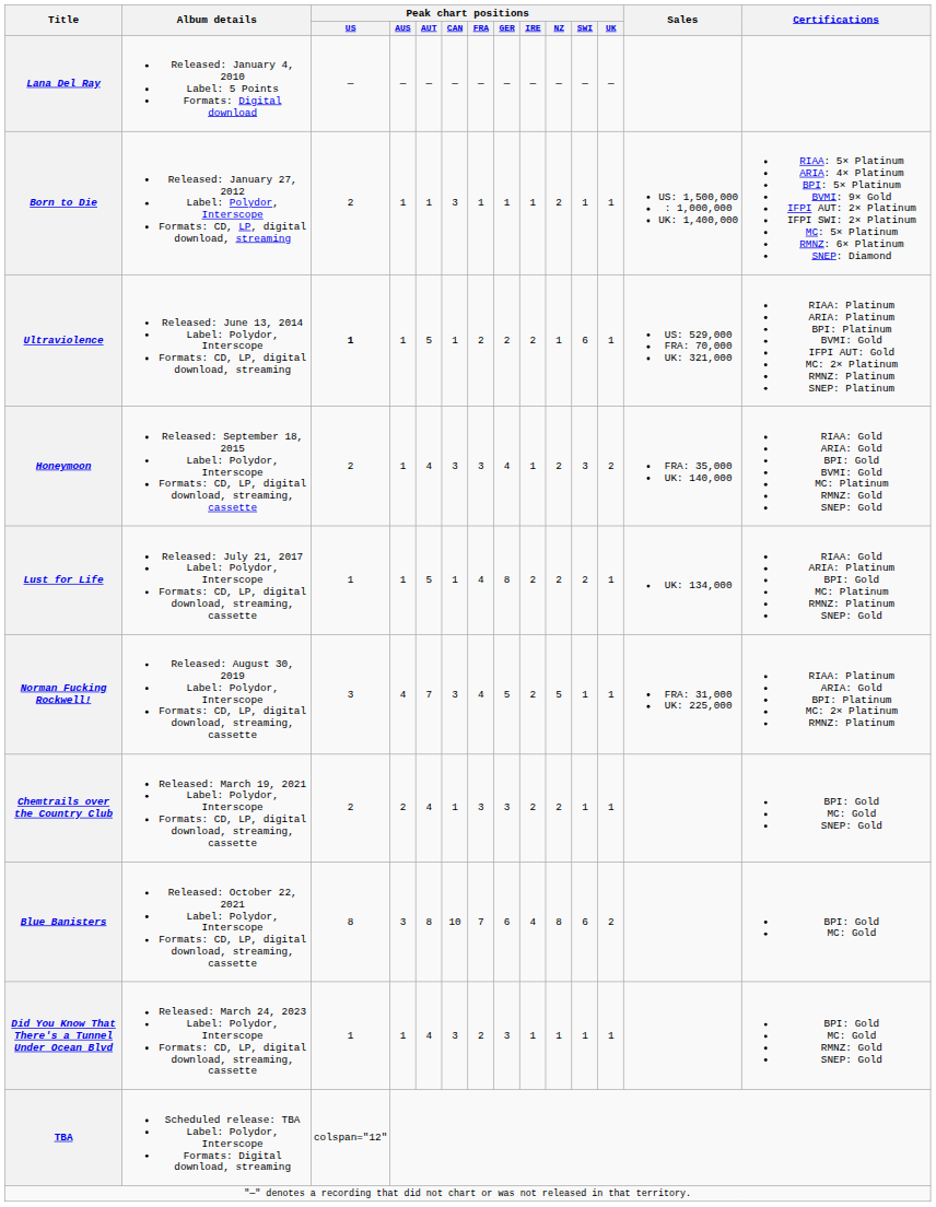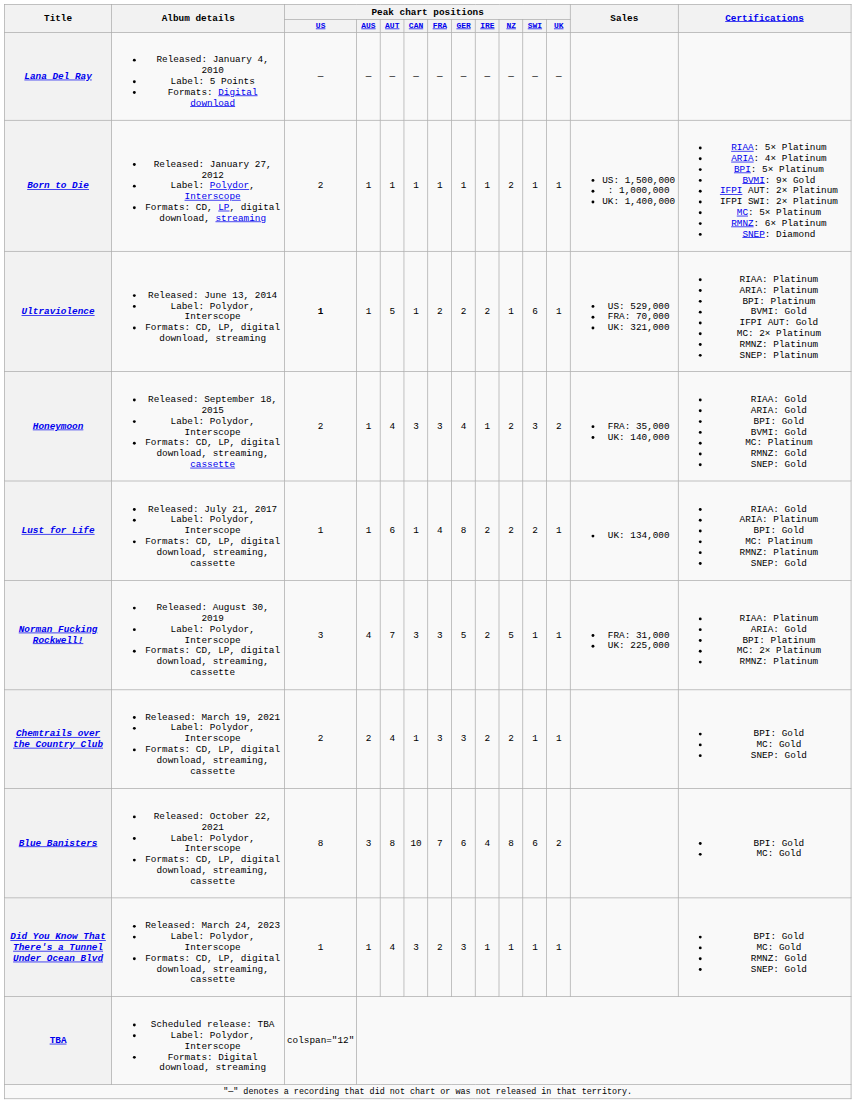 <table class="wikitable plainrowheaders" style="text-align:center;">
 <tr>
 <th scope="col" rowspan="2" style="width:11em;">Title</th>
 <th scope="col" rowspan="2" style="width:18em;">Album details</th>
 <th scope="col" colspan="10">Peak chart positions</th>
 <th scope="col" rowspan="2" style="width:11em;">Sales</th>
 <th scope="col" rowspan="2" style="width:18em;"><a href='#'>Certifications</a></th>
 </tr>
 <tr>
 <th scope="col" style="width:2.5em; font-size:85%;"><a href='#'>US</a><br></th>
 <th scope="col" style="width:2.5em; font-size:85%;"><a href='#'>AUS</a><br></th>
 <th scope="col" style="width:2.5em; font-size:85%;"><a href='#'>AUT</a><br></th>
 <th scope="col" style="width:2.5em; font-size:85%;"><a href='#'>CAN</a><br></th>
 <th scope="col" style="width:2.5em; font-size:85%;"><a href='#'>FRA</a><br></th>
 <th scope="col" style="width:2.5em; font-size:85%;"><a href='#'>GER</a><br></th>
 <th scope="col" style="width:2.5em; font-size:85%;"><a href='#'>IRE</a><br></th>
 <th scope="col" style="width:2.5em; font-size:85%;"><a href='#'>NZ</a><br></th>
 <th scope="col" style="width:2.5em; font-size:85%;"><a href='#'>SWI</a><br></th>
 <th scope="col" style="width:2.5em; font-size:85%;"><a href='#'>UK</a><br></th>
 </tr>
 <tr>
 <th scope="row"><em><a href='#'>Lana Del Ray</a></em></th>
 <td><br><ul><li>Released: January 4, 2010</li><li>Label: 5 Points</li><li>Formats: <a href='#'>Digital download</a></li></ul></td>
 <td>—</td>
 <td>—</td>
 <td>—</td>
 <td>—</td>
 <td>—</td>
 <td>—</td>
 <td>—</td>
 <td>—</td>
 <td>—</td>
 <td>—</td>
 <td></td>
 <td></td>
 </tr>
 <tr>
 <th scope="row"><em><a href='#'>Born to Die</a></em></th>
 <td><br><ul><li>Released: January 27, 2012</li><li>Label: <a href='#'>Polydor</a>, <a href='#'>Interscope</a></li><li>Formats: CD, <a href='#'>LP</a>, digital download, <a href='#'>streaming</a></li></ul></td>
 <td>2</td>
 <td>1</td>
 <td>1</td>
-<td>3</td>
+<td>1</td>
 <td>1</td>
 <td>1</td>
 <td>1</td>
 <td>2</td>
 <td>1</td>
 <td>1</td>
 <td><br><ul><li>US: 1,500,000</li><li>: 1,000,000</li><li>UK: 1,400,000</li></ul></td>
 <td><br><ul><li><a href='#'>RIAA</a>: 5× Platinum</li><li><a href='#'>ARIA</a>: 4× Platinum</li><li><a href='#'>BPI</a>: 5× Platinum</li><li><a href='#'>BVMI</a>: 9× Gold</li><li><a href='#'>IFPI</a> AUT: 2× Platinum</li><li>IFPI SWI: 2× Platinum</li><li><a href='#'>MC</a>: 5× Platinum</li><li><a href='#'>RMNZ</a>: 6× Platinum</li><li><a href='#'>SNEP</a>: Diamond</li></ul></td>
 </tr>
 <tr>
 <th scope="row"><em><a href='#'>Ultraviolence</a></em></th>
 <td><br><ul><li>Released: June 13, 2014</li><li>Label: Polydor, Interscope</li><li>Formats: CD, LP, digital download, streaming</li></ul></td>
 <td><strong>1</strong></td>
 <td>1</td>
 <td>5</td>
 <td>1</td>
 <td>2</td>
 <td>2</td>
 <td>2</td>
 <td>1</td>
 <td>6</td>
 <td>1</td>
 <td><br><ul><li>US: 529,000</li><li>FRA: 70,000</li><li>UK: 321,000</li></ul></td>
 <td><br><ul><li>RIAA: Platinum</li><li>ARIA: Platinum</li><li>BPI: Platinum</li><li>BVMI: Gold</li><li>IFPI AUT: Gold</li><li>MC: 2× Platinum</li><li>RMNZ: Platinum</li><li>SNEP: Platinum</li></ul></td>
 </tr>
 <tr>
 <th scope="row"><em><a href='#'>Honeymoon</a></em></th>
 <td><br><ul><li>Released: September 18, 2015</li><li>Label: Polydor, Interscope</li><li>Formats: CD, LP, digital download, streaming, <a href='#'>cassette</a></li></ul></td>
 <td>2</td>
 <td>1</td>
 <td>4</td>
 <td>3</td>
 <td>3</td>
 <td>4</td>
 <td>1</td>
 <td>2</td>
 <td>3</td>
 <td>2</td>
 <td><br><ul><li>FRA: 35,000</li><li>UK: 140,000</li></ul></td>
 <td><br><ul><li>RIAA: Gold</li><li>ARIA: Gold</li><li>BPI: Gold</li><li>BVMI: Gold</li><li>MC: Platinum</li><li>RMNZ: Gold</li><li>SNEP: Gold</li></ul></td>
 </tr>
 <tr>
 <th scope="row"><em><a href='#'>Lust for Life</a></em></th>
 <td><br><ul><li>Released: July 21, 2017</li><li>Label: Polydor, Interscope</li><li>Formats: CD, LP, digital download, streaming, cassette</li></ul></td>
 <td>1</td>
 <td>1</td>
-<td>5</td>
+<td>6</td>
 <td>1</td>
 <td>4</td>
 <td>8</td>
 <td>2</td>
 <td>2</td>
 <td>2</td>
 <td>1</td>
 <td><br><ul><li>UK: 134,000</li></ul></td>
 <td><br><ul><li>RIAA: Gold</li><li>ARIA: Platinum</li><li>BPI: Gold</li><li>MC: Platinum</li><li>RMNZ: Platinum</li><li>SNEP: Gold</li></ul></td>
 </tr>
 <tr>
 <th scope="row"><em><a href='#'>Norman Fucking Rockwell!</a></em></th>
 <td><br><ul><li>Released: August 30, 2019</li><li>Label: Polydor, Interscope</li><li>Formats: CD, LP, digital download, streaming, cassette</li></ul></td>
 <td>3</td>
 <td>4</td>
 <td>7</td>
 <td>3</td>
-<td>4</td>
+<td>3</td>
 <td>5</td>
 <td>2</td>
 <td>5</td>
 <td>1</td>
 <td>1</td>
 <td><br><ul><li>FRA: 31,000</li><li>UK: 225,000</li></ul></td>
 <td><br><ul><li>RIAA: Platinum</li><li>ARIA: Gold</li><li>BPI: Platinum</li><li>MC: 2× Platinum</li><li>RMNZ: Platinum</li></ul></td>
 </tr>
 <tr>
 <th scope="row"><em><a href='#'>Chemtrails over the Country Club</a></em></th>
 <td><br><ul><li>Released: March 19, 2021</li><li>Label: Polydor, Interscope</li><li>Formats: CD, LP, digital download, streaming, cassette</li></ul></td>
 <td>2</td>
 <td>2</td>
 <td>4</td>
 <td>1</td>
 <td>3</td>
 <td>3</td>
 <td>2</td>
 <td>2</td>
 <td>1</td>
 <td>1</td>
 <td></td>
 <td><br><ul><li>BPI: Gold</li><li>MC: Gold</li><li>SNEP: Gold</li></ul></td>
 </tr>
 <tr>
 <th scope="row"><em><a href='#'>Blue Banisters</a></em></th>
 <td><br><ul><li>Released: October 22, 2021</li><li>Label: Polydor, Interscope</li><li>Formats: CD, LP, digital download, streaming, cassette</li></ul></td>
 <td>8</td>
 <td>3</td>
 <td>8</td>
 <td>10</td>
 <td>7</td>
 <td>6</td>
 <td>4</td>
 <td>8</td>
 <td>6</td>
 <td>2</td>
 <td></td>
 <td><br><ul><li>BPI: Gold</li><li>MC: Gold</li></ul></td>
 </tr>
 <tr>
 <th scope="row"><em><a href='#'>Did You Know That There's a Tunnel Under Ocean Blvd</a></em></th>
 <td><br><ul><li>Released: March 24, 2023</li><li>Label: Polydor, Interscope</li><li>Formats: CD, LP, digital download, streaming, cassette</li></ul></td>
 <td>1</td>
 <td>1</td>
 <td>4</td>
 <td>3</td>
 <td>2</td>
 <td>3</td>
 <td>1</td>
 <td>1</td>
 <td>1</td>
 <td>1</td>
 <td></td>
 <td><br><ul><li>BPI: Gold</li><li>MC: Gold</li><li>RMNZ: Gold</li><li>SNEP: Gold</li></ul></td>
 </tr>
 <tr>
 <th scope="row"><a href='#'>TBA</a></th>
 <td><br><ul><li>Scheduled release: TBA</li><li>Label: Polydor, Interscope</li><li>Formats: Digital download, streaming</li></ul></td>
 <td>colspan="12" </td>
 </tr>
 <tr>
 <td colspan="14" style="font-size:90%">"—" denotes a recording that did not chart or was not released in that territory.</td>
 </tr>
 </table>
